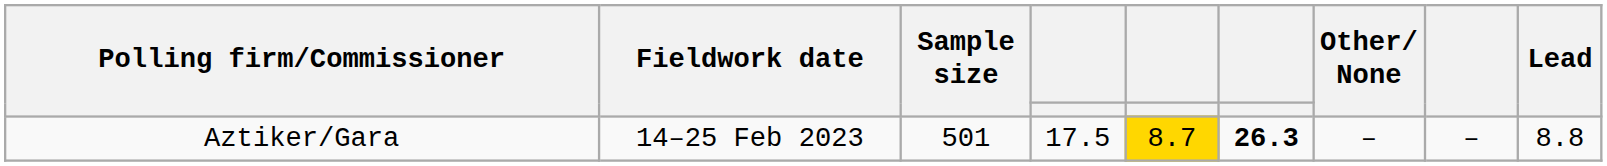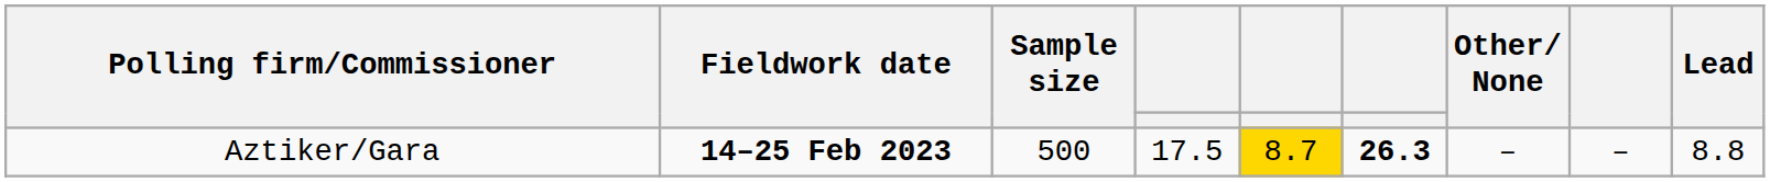 <table class="wikitable collapsible collapsed" style="text-align:center; font-size:90%; line-height:14px;">
 <tr style="height:42px;">
 <th style="width:250px;" rowspan="2">Polling firm/Commissioner</th>
 <th style="width:125px;" rowspan="2">Fieldwork date</th>
 <th style="width:50px;" rowspan="2">Sample size</th>
 <th style="width:35px;"></th>
 <th style="width:35px;"></th>
 <th style="width:35px;"></th>
 <th style="width:35px;" rowspan="2">Other/<br>None</th>
 <th style="width:35px;" rowspan="2"></th>
 <th style="width:30px;" rowspan="2">Lead</th>
 </tr>
 <tr>
 <th style="color:inherit;background:"></th>
 <th style="color:inherit;background:"></th>
 <th style="color:inherit;background:"></th>
 </tr>
 <tr>
 <td>Aztiker/Gara</td>
-<td>14–25 Feb 2023</td>
-<td>501</td>
+<td><strong>14–25 Feb 2023</strong></td>
+<td>500</td>
 <td>17.5</td>
 <td style="background: gold;">8.7</td>
 <td><strong>26.3</strong></td>
 <td>–</td>
 <td>–</td>
 <td style="background:">8.8</td>
 </tr>
 </table>
